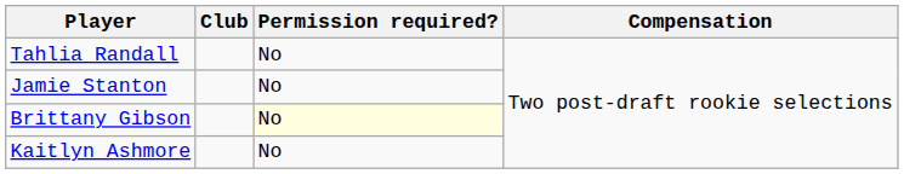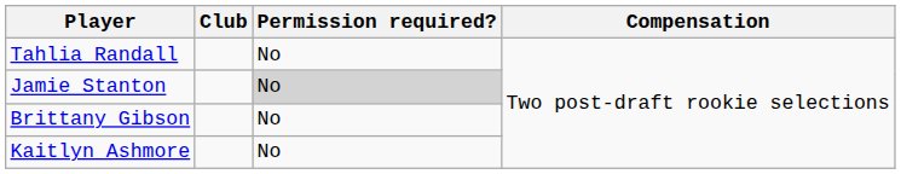 <table class="wikitable plainrowheaders">
 <tr>
 <th scope="col"><strong>Player</strong></th>
 <th scope="col"><strong>Club</strong></th>
 <th scope="col"><strong>Permission required?</strong></th>
 <th scope="col"><strong>Compensation</strong></th>
 </tr>
 <tr>
 <td><a href='#'>Tahlia Randall</a></td>
 <td></td>
 <td>No</td>
 <th rowspan="4" "8" style="font-weight: normal; background: #F9F9F9;">Two post-draft rookie selections</th>
 </tr>
 <tr>
 <td><a href='#'>Jamie Stanton</a></td>
 <td></td>
-<td>No</td>
+<td style="background: lightgrey;">No</td>
 </tr>
 <tr>
 <td><a href='#'>Brittany Gibson</a></td>
 <td></td>
-<td style="background: lightyellow;">No</td>
+<td>No</td>
 </tr>
 <tr>
 <td><a href='#'>Kaitlyn Ashmore</a></td>
 <td></td>
 <td>No</td>
 </tr>
 </table>
